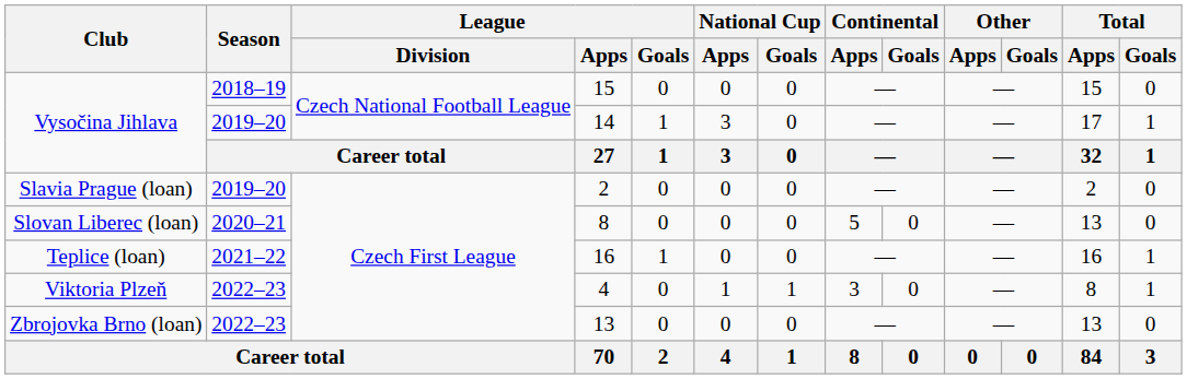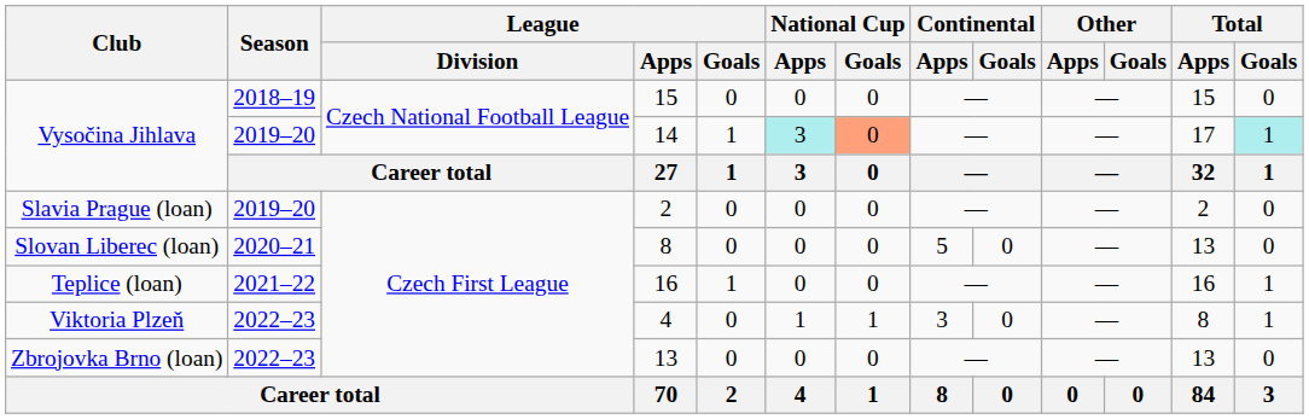 <table class="wikitable" style="text-align:center">
 <tr>
 <th rowspan="2">Club</th>
 <th rowspan="2">Season</th>
 <th colspan="3">League</th>
 <th colspan="2">National Cup</th>
 <th colspan="2">Continental</th>
 <th colspan="2">Other</th>
 <th colspan="2">Total</th>
 </tr>
 <tr>
 <th>Division</th>
 <th>Apps</th>
 <th>Goals</th>
 <th>Apps</th>
 <th>Goals</th>
 <th>Apps</th>
 <th>Goals</th>
 <th>Apps</th>
 <th>Goals</th>
 <th>Apps</th>
 <th>Goals</th>
 </tr>
 <tr>
 <td rowspan="3"><a href='#'>Vysočina Jihlava</a></td>
 <td><a href='#'>2018–19</a></td>
 <td rowspan="2"><a href='#'>Czech National Football League</a></td>
 <td>15</td>
 <td>0</td>
 <td>0</td>
 <td>0</td>
 <td colspan="2">—</td>
 <td colspan="2">—</td>
 <td>15</td>
 <td>0</td>
 </tr>
 <tr>
 <td><a href='#'>2019–20</a></td>
 <td>14</td>
 <td>1</td>
-<td>3</td>
-<td>0</td>
+<td style="background: paleturquoise;">3</td>
+<td style="background: lightsalmon;">0</td>
 <td colspan="2">—</td>
 <td colspan="2">—</td>
 <td>17</td>
-<td>1</td>
+<td style="background: paleturquoise;">1</td>
 </tr>
 <tr>
 <th colspan="2">Career total</th>
 <th>27</th>
 <th>1</th>
 <th>3</th>
 <th>0</th>
 <th colspan="2">—</th>
 <th colspan="2">—</th>
 <th>32</th>
 <th>1</th>
 </tr>
 <tr>
 <td><a href='#'>Slavia Prague</a> (loan)</td>
 <td><a href='#'>2019–20</a></td>
 <td rowspan="5"><a href='#'>Czech First League</a></td>
 <td>2</td>
 <td>0</td>
 <td>0</td>
 <td>0</td>
 <td colspan="2">—</td>
 <td colspan="2">—</td>
 <td>2</td>
 <td>0</td>
 </tr>
 <tr>
 <td><a href='#'>Slovan Liberec</a> (loan)</td>
 <td><a href='#'>2020–21</a></td>
 <td>8</td>
 <td>0</td>
 <td>0</td>
 <td>0</td>
 <td>5</td>
 <td>0</td>
 <td colspan="2">—</td>
 <td>13</td>
 <td>0</td>
 </tr>
 <tr>
 <td><a href='#'>Teplice</a> (loan)</td>
 <td><a href='#'>2021–22</a></td>
 <td>16</td>
 <td>1</td>
 <td>0</td>
 <td>0</td>
 <td colspan="2">—</td>
 <td colspan="2">—</td>
 <td>16</td>
 <td>1</td>
 </tr>
 <tr>
 <td><a href='#'>Viktoria Plzeň</a></td>
 <td><a href='#'>2022–23</a></td>
 <td>4</td>
 <td>0</td>
 <td>1</td>
 <td>1</td>
 <td>3</td>
 <td>0</td>
 <td colspan="2">—</td>
 <td>8</td>
 <td>1</td>
 </tr>
 <tr>
 <td><a href='#'>Zbrojovka Brno</a> (loan)</td>
 <td><a href='#'>2022–23</a></td>
 <td>13</td>
 <td>0</td>
 <td>0</td>
 <td>0</td>
 <td colspan="2">—</td>
 <td colspan="2">—</td>
 <td>13</td>
 <td>0</td>
 </tr>
 <tr>
 <th colspan="3">Career total</th>
 <th>70</th>
 <th>2</th>
 <th>4</th>
 <th>1</th>
 <th>8</th>
 <th>0</th>
 <th>0</th>
 <th>0</th>
 <th>84</th>
 <th>3</th>
 </tr>
 </table>
